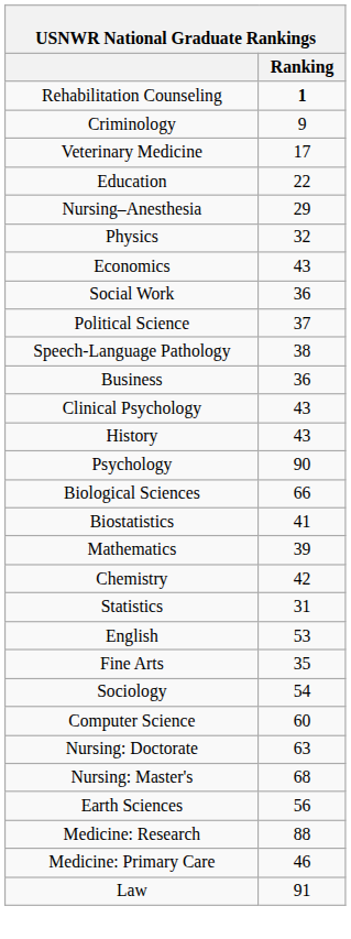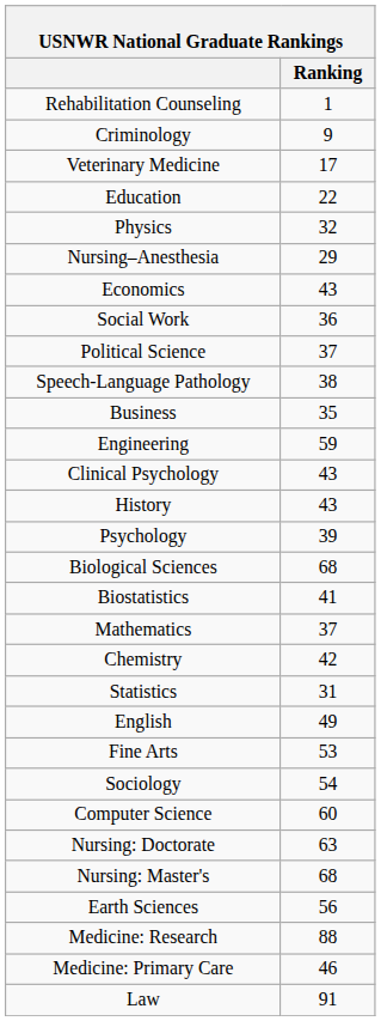 <table class="wikitable sortable collapsible collapsed" style="float:right; clear:right; text-align:center; font-size:85%; width:270px;">
 <tr>
 <th colspan="2"><br>USNWR National Graduate Rankings</th>
 </tr>
 <tr>
 <th></th>
 <th>Ranking</th>
 </tr>
 <tr>
 <td>Rehabilitation Counseling</td>
-<td><strong>1</strong></td>
+<td>1</td>
 </tr>
 <tr>
 <td>Criminology</td>
 <td>9</td>
 </tr>
 <tr>
 <td>Veterinary Medicine</td>
 <td>17</td>
 </tr>
 <tr>
 <td>Education</td>
 <td>22</td>
 </tr>
 <tr>
+<td>Physics</td>
+<td>32</td>
+</tr>
+<tr>
 <td>Nursing–Anesthesia</td>
 <td>29</td>
-</tr>
-<tr>
-<td>Physics</td>
-<td>32</td>
 </tr>
 <tr>
 <td>Economics</td>
 <td>43</td>
 </tr>
 <tr>
 <td>Social Work</td>
 <td>36</td>
 </tr>
 <tr>
 <td>Political Science</td>
 <td>37</td>
 </tr>
 <tr>
 <td>Speech-Language Pathology</td>
 <td>38</td>
 </tr>
 <tr>
 <td>Business</td>
-<td>36</td>
+<td>35</td>
+</tr>
+<tr>
+<td>Engineering</td>
+<td>59</td>
 </tr>
 <tr>
 <td>Clinical Psychology</td>
 <td>43</td>
 </tr>
 <tr>
 <td>History</td>
 <td>43</td>
 </tr>
 <tr>
 <td>Psychology</td>
-<td>90</td>
+<td>39</td>
 </tr>
 <tr>
 <td>Biological Sciences</td>
-<td>66</td>
+<td>68</td>
 </tr>
 <tr>
 <td>Biostatistics</td>
 <td>41</td>
 </tr>
 <tr>
 <td>Mathematics</td>
-<td>39</td>
+<td>37</td>
 </tr>
 <tr>
 <td>Chemistry</td>
 <td>42</td>
 </tr>
 <tr>
 <td>Statistics</td>
 <td>31</td>
 </tr>
 <tr>
 <td>English</td>
-<td>53</td>
+<td>49</td>
 </tr>
 <tr>
 <td>Fine Arts</td>
-<td>35</td>
+<td>53</td>
 </tr>
 <tr>
 <td>Sociology</td>
 <td>54</td>
 </tr>
 <tr>
 <td>Computer Science</td>
 <td>60</td>
 </tr>
 <tr>
 <td>Nursing: Doctorate</td>
 <td>63</td>
 </tr>
 <tr>
 <td>Nursing: Master's</td>
 <td>68</td>
 </tr>
 <tr>
 <td>Earth Sciences</td>
 <td>56</td>
 </tr>
 <tr>
 <td>Medicine: Research</td>
 <td>88</td>
 </tr>
 <tr>
 <td>Medicine: Primary Care</td>
 <td>46</td>
 </tr>
 <tr>
 <td>Law</td>
 <td>91</td>
 </tr>
 </table>
